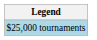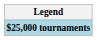 <table class="wikitable" style="font-size:90%">
 <tr>
 <th>Legend</th>
 </tr>
 <tr style="background:lightblue;">
-<td>$25,000 tournaments</td>
+<td><strong>$25,000 tournaments</strong></td>
 </tr>
 </table>
